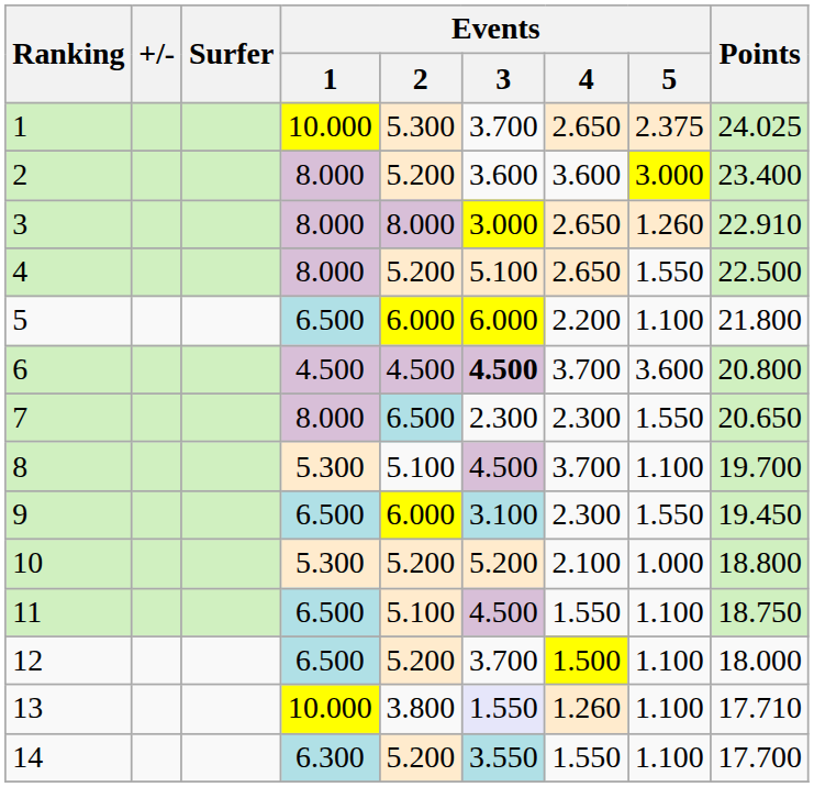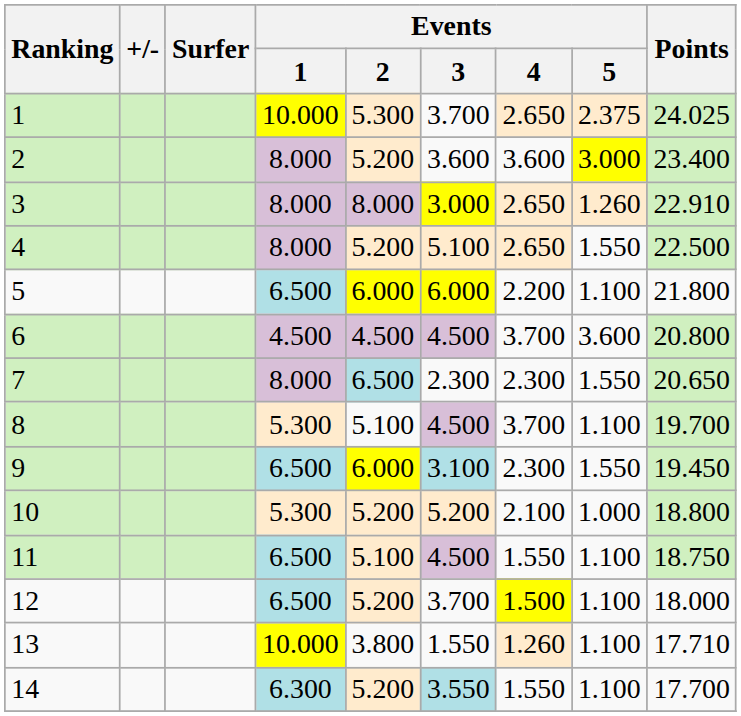 <table class="wikitable" style="text-align: center;">
 <tr>
 <th rowspan="2">Ranking</th>
 <th rowspan="2">+/-</th>
 <th rowspan="2">Surfer</th>
 <th colspan="5">Events</th>
 <th rowspan="2">Points</th>
 </tr>
 <tr>
 <th>1</th>
 <th>2</th>
 <th>3</th>
 <th>4</th>
 <th>5</th>
 </tr>
 <tr>
 <td style="text-align:left" bgcolor=D0F0C0>1</td>
 <td bgcolor=D0F0C0></td>
 <td style="text-align:left" bgcolor=D0F0C0></td>
 <td bgcolor=yellow><span>10.000</span></td>
 <td bgcolor=ffebcd><span>5.300</span></td>
 <td><span>3.700</span></td>
 <td bgcolor=ffebcd><span>2.650</span></td>
 <td bgcolor=ffebcd><span>2.375</span></td>
 <td bgcolor=D0F0C0>24.025</td>
 </tr>
 <tr>
 <td style="text-align:left" bgcolor=D0F0C0>2</td>
 <td bgcolor=D0F0C0></td>
 <td style="text-align:left" bgcolor=D0F0C0></td>
 <td bgcolor=thistle><span>8.000</span></td>
 <td bgcolor=ffebcd><span>5.200</span></td>
 <td><span>3.600</span></td>
 <td><span>3.600</span></td>
 <td bgcolor=yellow><span>3.000</span></td>
 <td bgcolor=D0F0C0>23.400</td>
 </tr>
 <tr>
 <td style="text-align:left" bgcolor=D0F0C0>3</td>
 <td bgcolor=D0F0C0></td>
 <td style="text-align:left" bgcolor=D0F0C0></td>
 <td bgcolor=thistle><span>8.000</span></td>
 <td bgcolor=thistle><span>8.000</span></td>
 <td bgcolor=yellow><span>3.000</span></td>
 <td bgcolor=ffebcd><span>2.650</span></td>
 <td bgcolor=ffebcd><span>1.260</span></td>
 <td bgcolor=D0F0C0>22.910</td>
 </tr>
 <tr>
 <td style="text-align:left" bgcolor=D0F0C0>4</td>
 <td bgcolor=D0F0C0></td>
 <td style="text-align:left" bgcolor=D0F0C0></td>
 <td bgcolor=thistle><span>8.000</span></td>
 <td bgcolor=ffebcd><span>5.200</span></td>
 <td bgcolor=ffebcd><span>5.100</span></td>
 <td bgcolor=ffebcd><span>2.650</span></td>
 <td><span>1.550</span></td>
 <td bgcolor=D0F0C0>22.500</td>
 </tr>
 <tr>
 <td align=left>5</td>
 <td></td>
 <td align=left></td>
 <td bgcolor=#B0E0E6><span>6.500</span></td>
 <td bgcolor=yellow><span>6.000</span></td>
 <td bgcolor=yellow><span>6.000</span></td>
 <td><span>2.200</span></td>
 <td><span>1.100</span></td>
 <td>21.800</td>
 </tr>
 <tr>
 <td style="text-align:left" bgcolor=D0F0C0>6</td>
 <td bgcolor=D0F0C0></td>
 <td style="text-align:left" bgcolor=D0F0C0></td>
 <td bgcolor=thistle><span>4.500</span></td>
 <td bgcolor=thistle><span>4.500</span></td>
-<td bgcolor=thistle><strong><span>4.500</span></strong></td>
+<td bgcolor=thistle><span>4.500</span></td>
 <td><span>3.700</span></td>
 <td><span>3.600</span></td>
 <td bgcolor=D0F0C0>20.800</td>
 </tr>
 <tr>
 <td style="text-align:left" bgcolor=D0F0C0>7</td>
 <td bgcolor=D0F0C0></td>
 <td style="text-align:left" bgcolor=D0F0C0></td>
 <td bgcolor=thistle><span>8.000</span></td>
 <td bgcolor=#B0E0E6><span>6.500</span></td>
 <td><span>2.300</span></td>
 <td><span>2.300</span></td>
 <td><span>1.550</span></td>
 <td bgcolor=D0F0C0>20.650</td>
 </tr>
 <tr>
 <td style="text-align:left" bgcolor=D0F0C0>8</td>
 <td bgcolor=D0F0C0></td>
 <td style="text-align:left" bgcolor=D0F0C0></td>
 <td bgcolor=ffebcd><span>5.300</span></td>
 <td><span>5.100</span></td>
 <td bgcolor=thistle><span>4.500</span></td>
 <td><span>3.700</span></td>
 <td><span>1.100</span></td>
 <td bgcolor=D0F0C0>19.700</td>
 </tr>
 <tr>
 <td style="text-align:left" bgcolor=D0F0C0>9</td>
 <td bgcolor=D0F0C0></td>
 <td style="text-align:left" bgcolor=D0F0C0></td>
 <td bgcolor=#B0E0E6><span>6.500</span></td>
 <td bgcolor=yellow><span>6.000</span></td>
 <td bgcolor=#B0E0E6><span>3.100</span></td>
 <td><span>2.300</span></td>
 <td><span>1.550</span></td>
 <td bgcolor=D0F0C0>19.450</td>
 </tr>
 <tr>
 <td style="text-align:left" bgcolor=D0F0C0>10</td>
 <td bgcolor=D0F0C0></td>
 <td style="text-align:left" bgcolor=D0F0C0></td>
 <td bgcolor=ffebcd><span>5.300</span></td>
 <td bgcolor=ffebcd><span>5.200</span></td>
 <td bgcolor=ffebcd><span>5.200</span></td>
 <td><span>2.100</span></td>
 <td><span>1.000</span></td>
 <td bgcolor=D0F0C0>18.800</td>
 </tr>
 <tr>
 <td style="text-align:left" bgcolor=D0F0C0>11</td>
 <td bgcolor=D0F0C0></td>
 <td style="text-align:left" bgcolor=D0F0C0></td>
 <td bgcolor=#B0E0E6><span>6.500</span></td>
 <td bgcolor=ffebcd><span>5.100</span></td>
 <td bgcolor=thistle><span>4.500</span></td>
 <td><span>1.550</span></td>
 <td><span>1.100</span></td>
 <td bgcolor=D0F0C0>18.750</td>
 </tr>
 <tr>
 <td align=left>12</td>
 <td></td>
 <td align=left></td>
 <td bgcolor=#B0E0E6><span>6.500</span></td>
 <td bgcolor=ffebcd><span>5.200</span></td>
 <td><span>3.700</span></td>
 <td bgcolor=yellow><span>1.500</span></td>
 <td><span>1.100</span></td>
 <td>18.000</td>
 </tr>
 <tr>
 <td align=left>13</td>
 <td></td>
 <td align=left></td>
 <td bgcolor=yellow><span>10.000</span></td>
 <td><span>3.800</span></td>
-<td style="background: lavender;"><span>1.550</span></td>
+<td><span>1.550</span></td>
 <td bgcolor=ffebcd><span>1.260</span></td>
 <td><span>1.100</span></td>
 <td>17.710</td>
 </tr>
 <tr>
 <td align=left>14</td>
 <td></td>
 <td align=left></td>
 <td bgcolor=#B0E0E6><span>6.300</span></td>
 <td bgcolor=ffebcd><span>5.200</span></td>
 <td bgcolor=#B0E0E6><span>3.550</span></td>
 <td><span>1.550</span></td>
 <td><span>1.100</span></td>
 <td>17.700</td>
 </tr>
 <tr>
 </tr>
 </table>
